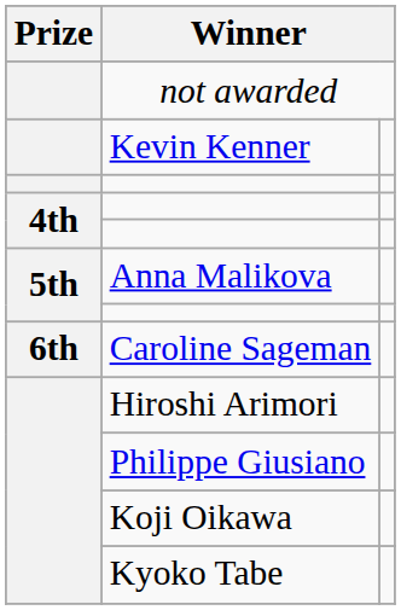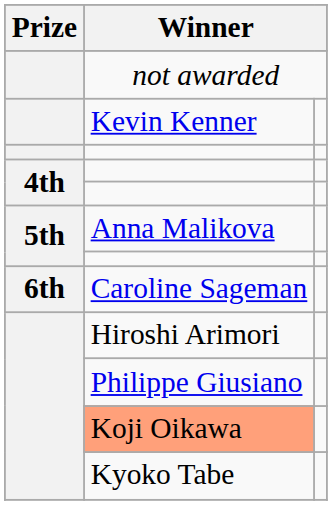 <table class="wikitable">
 <tr>
 <th>Prize</th>
 <th colspan="2">Winner</th>
 </tr>
 <tr>
 <th></th>
 <td colspan="2" align="center"><em>not awarded</em></td>
 </tr>
 <tr>
 <th></th>
 <td><a href='#'>Kevin Kenner</a></td>
 <td></td>
 </tr>
 <tr>
 <th></th>
 <td></td>
 <td></td>
 </tr>
 <tr>
 <th rowspan="2">4th</th>
 <td></td>
 <td></td>
 </tr>
 <tr>
 <td></td>
 <td></td>
 </tr>
 <tr>
 <th rowspan="2">5th</th>
 <td><a href='#'>Anna Malikova</a></td>
 <td></td>
 </tr>
 <tr>
 <td></td>
 <td></td>
 </tr>
 <tr>
 <th>6th</th>
 <td><a href='#'>Caroline Sageman</a></td>
 <td></td>
 </tr>
 <tr>
 <th rowspan="4"></th>
 <td>Hiroshi Arimori</td>
 <td></td>
 </tr>
 <tr>
 <td><a href='#'>Philippe Giusiano</a></td>
 <td></td>
 </tr>
 <tr>
-<td>Koji Oikawa</td>
+<td style="background: lightsalmon;">Koji Oikawa</td>
 <td></td>
 </tr>
 <tr>
 <td>Kyoko Tabe</td>
 <td></td>
 </tr>
 </table>
